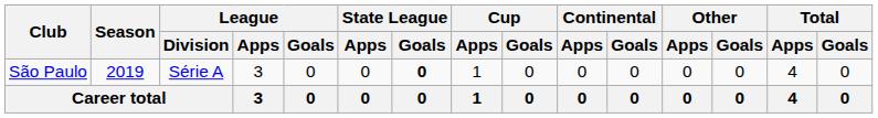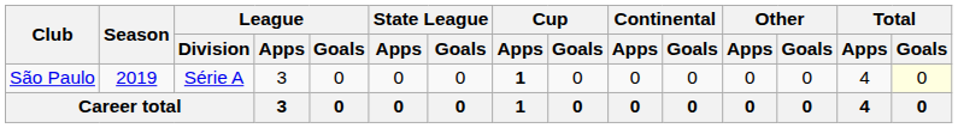 <table class="wikitable" style="text-align: center">
 <tr>
 <th rowspan="2">Club</th>
 <th rowspan="2">Season</th>
 <th colspan="3">League</th>
 <th colspan="2">State League</th>
 <th colspan="2">Cup</th>
 <th colspan="2">Continental</th>
 <th colspan="2">Other</th>
 <th colspan="2">Total</th>
 </tr>
 <tr>
 <th>Division</th>
 <th>Apps</th>
 <th>Goals</th>
 <th>Apps</th>
 <th>Goals</th>
 <th>Apps</th>
 <th>Goals</th>
 <th>Apps</th>
 <th>Goals</th>
 <th>Apps</th>
 <th>Goals</th>
 <th>Apps</th>
 <th>Goals</th>
 </tr>
 <tr>
 <td><a href='#'>São Paulo</a></td>
 <td><a href='#'>2019</a></td>
 <td><a href='#'>Série A</a></td>
 <td>3</td>
 <td>0</td>
 <td>0</td>
-<td><strong>0</strong></td>
-<td>1</td>
+<td>0</td>
+<td><strong>1</strong></td>
 <td>0</td>
 <td>0</td>
 <td>0</td>
 <td>0</td>
 <td>0</td>
 <td>4</td>
-<td>0</td>
+<td style="background: lightyellow;">0</td>
 </tr>
 <tr>
 <th colspan="3"><strong>Career total</strong></th>
 <th>3</th>
 <th>0</th>
 <th>0</th>
 <th>0</th>
 <th>1</th>
 <th>0</th>
 <th>0</th>
 <th>0</th>
 <th>0</th>
 <th>0</th>
 <th>4</th>
 <th>0</th>
 </tr>
 </table>
